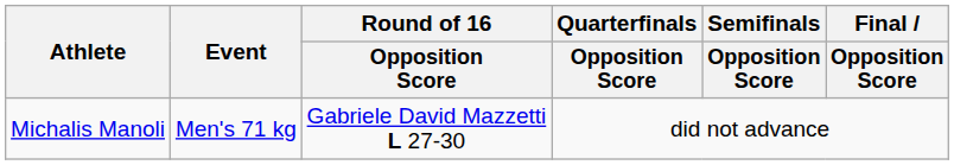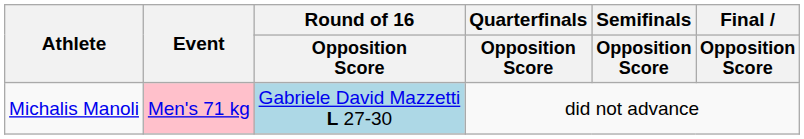 <table class="wikitable" style="font-size:90%">
 <tr>
 <th rowspan=2>Athlete</th>
 <th rowspan=2>Event</th>
 <th>Round of 16</th>
 <th>Quarterfinals</th>
 <th>Semifinals</th>
 <th colspan="2">Final / </th>
 </tr>
 <tr style="font-size:95%">
 <th>Opposition<br>Score</th>
 <th>Opposition<br>Score</th>
 <th>Opposition<br>Score</th>
 <th>Opposition<br>Score</th>
 </tr>
 <tr align=center>
 <td align=left><a href='#'>Michalis Manoli</a></td>
-<td align=left><a href='#'>Men's 71 kg</a></td>
-<td> <a href='#'>Gabriele David Mazzetti</a><br><strong>L</strong> 27-30</td>
+<td align=left style="background: pink;"><a href='#'>Men's 71 kg</a></td>
+<td style="background: lightblue;"> <a href='#'>Gabriele David Mazzetti</a><br><strong>L</strong> 27-30</td>
 <td colspan=5>did not advance</td>
 </tr>
 </table>
